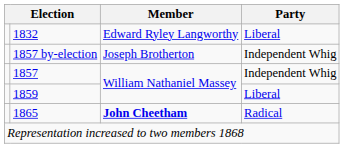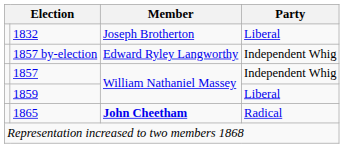 <table class="wikitable">
 <tr>
 <th colspan="2">Election</th>
 <th>Member </th>
 <th>Party</th>
 </tr>
 <tr>
 <td style="color:inherit;background-color: "></td>
 <td><a href='#'>1832</a></td>
-<td><a href='#'>Edward Ryley Langworthy</a></td>
+<td><a href='#'>Joseph Brotherton</a></td>
 <td><a href='#'>Liberal</a></td>
 </tr>
 <tr>
 <td style="color:inherit;background-color: "></td>
 <td><a href='#'>1857 by-election</a></td>
-<td><a href='#'>Joseph Brotherton</a></td>
+<td><a href='#'>Edward Ryley Langworthy</a></td>
 <td>Independent Whig</td>
 </tr>
 <tr>
 <td style="color:inherit;background-color: "></td>
 <td><a href='#'>1857</a></td>
 <td rowspan="2"><a href='#'>William Nathaniel Massey</a></td>
 <td>Independent Whig</td>
 </tr>
 <tr>
 <td style="color:inherit;background-color: "></td>
 <td><a href='#'>1859</a></td>
 <td><a href='#'>Liberal</a></td>
 </tr>
 <tr>
 <td style="color:inherit;background-color: "></td>
 <td><a href='#'>1865</a></td>
 <td><strong><a href='#'>John Cheetham</a></strong></td>
 <td><a href='#'>Radical</a></td>
 </tr>
 <tr>
 <td colspan="4"><em>Representation increased to two members 1868</em></td>
 </tr>
 </table>
